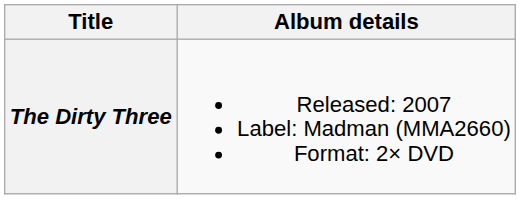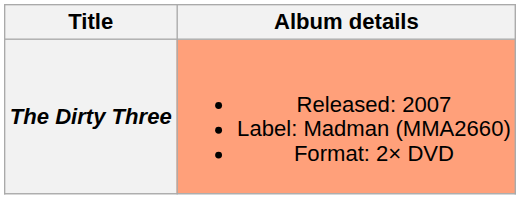 <table class="wikitable plainrowheaders" style="text-align:center;">
 <tr>
 <th>Title</th>
 <th>Album details</th>
 </tr>
 <tr>
 <th scope="row"><em>The Dirty Three</em></th>
-<td><br><ul><li>Released: 2007</li><li>Label: Madman (MMA2660)</li><li>Format: 2× DVD</li></ul></td>
+<td style="background: lightsalmon;"><br><ul><li>Released: 2007</li><li>Label: Madman (MMA2660)</li><li>Format: 2× DVD</li></ul></td>
 </tr>
 </table>
